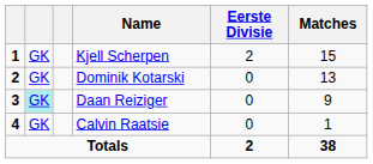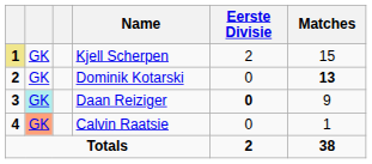 <table class="wikitable" style="text-align:center">
 <tr>
 <th width=15></th>
 <th width=15></th>
 <th width=15></th>
 <th width=145>Name</th>
 <th width=80><a href='#'>Eerste Divisie</a></th>
 <th width=80>Matches</th>
 </tr>
 <tr>
-<td><strong>1</strong></td>
+<td style="background: khaki;"><strong>1</strong></td>
 <td><a href='#'>GK</a></td>
 <td></td>
 <td align=left><a href='#'>Kjell Scherpen</a></td>
 <td>2</td>
 <td>15</td>
 </tr>
 <tr>
 <td><strong>2</strong></td>
 <td><a href='#'>GK</a></td>
 <td></td>
 <td align=left><a href='#'>Dominik Kotarski</a></td>
 <td>0</td>
-<td>13</td>
+<td><strong>13</strong></td>
 </tr>
 <tr>
 <td><strong>3</strong></td>
 <td style="background: paleturquoise;"><a href='#'>GK</a></td>
 <td></td>
 <td align=left><a href='#'>Daan Reiziger</a></td>
-<td>0</td>
+<td><strong>0</strong></td>
 <td>9</td>
 </tr>
 <tr>
 <td><strong>4</strong></td>
-<td><a href='#'>GK</a></td>
+<td style="background: lightsalmon;"><a href='#'>GK</a></td>
 <td></td>
 <td align=left><a href='#'>Calvin Raatsie</a></td>
 <td>0</td>
 <td>1</td>
 </tr>
 <tr>
 <td colspan=4><strong>Totals</strong></td>
 <td><strong>2</strong></td>
 <td><strong>38</strong></td>
 </tr>
 </table>
